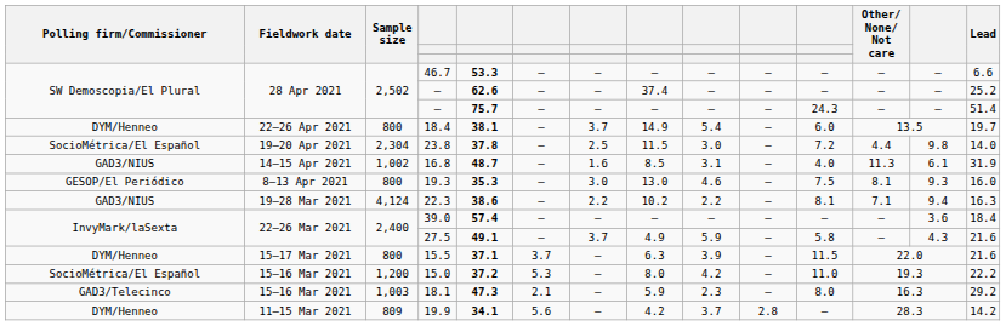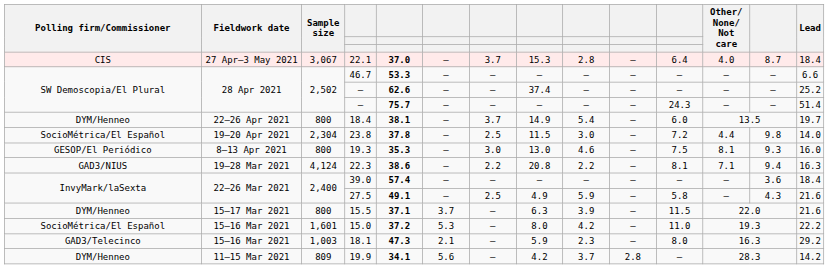 <table class="wikitable collapsible collapsed" style="text-align:center; font-size:90%; line-height:14px;">
 <tr style="height:42px;">
 <th style="width:250px;" rowspan="3">Polling firm/Commissioner</th>
 <th style="width:125px;" rowspan="3">Fieldwork date</th>
 <th style="width:50px;" rowspan="3">Sample size</th>
 <th style="width:35px;"></th>
 <th style="width:55px;"></th>
 <th style="width:55px;"></th>
 <th style="width:55px;"></th>
 <th style="width:55px;"></th>
 <th style="width:55px;"></th>
 <th style="width:55px;"></th>
 <th style="width:55px;"></th>
 <th style="width:55px;" rowspan="3">Other/<br>None/<br>Not<br>care</th>
 <th style="width:55px;" rowspan="3"></th>
 <th style="width:30px;" rowspan="3">Lead</th>
 </tr>
 <tr>
 <th style="color:inherit;background:"></th>
 <th style="color:inherit;background:"></th>
 <th style="color:inherit;background:"></th>
 <th style="color:inherit;background:"></th>
 <th style="color:inherit;background:"></th>
 <th style="color:inherit;background:"></th>
 <th style="color:inherit;background:"></th>
 <th style="color:inherit;background:"></th>
 </tr>
 <tr>
 <th></th>
 <th></th>
 <th></th>
 <th></th>
 <th></th>
 <th></th>
 <th></th>
 <th></th>
+</tr>
+<tr style="background:#FFEAEA;">
+<td>CIS</td>
+<td>27 Apr–3 May 2021</td>
+<td>3,067</td>
+<td>22.1</td>
+<td><strong>37.0</strong></td>
+<td>–</td>
+<td>3.7</td>
+<td>15.3</td>
+<td>2.8</td>
+<td>–</td>
+<td>6.4</td>
+<td>4.0</td>
+<td>8.7</td>
+<td style="background:">18.4</td>
 </tr>
 <tr>
 <td rowspan="3">SW Demoscopia/El Plural</td>
 <td rowspan="3">28 Apr 2021</td>
 <td rowspan="3">2,502</td>
 <td>46.7</td>
 <td><strong>53.3</strong></td>
 <td>–</td>
 <td>–</td>
 <td>–</td>
 <td>–</td>
 <td>–</td>
 <td>–</td>
 <td>–</td>
 <td>–</td>
 <td style="background:">6.6</td>
 </tr>
 <tr>
 <td>–</td>
 <td><strong>62.6</strong></td>
 <td>–</td>
 <td>–</td>
 <td>37.4</td>
 <td>–</td>
 <td>–</td>
 <td>–</td>
 <td>–</td>
 <td>–</td>
 <td style="background:">25.2</td>
 </tr>
 <tr>
 <td>–</td>
 <td><strong>75.7</strong></td>
 <td>–</td>
 <td>–</td>
 <td>–</td>
 <td>–</td>
 <td>–</td>
 <td>24.3</td>
 <td>–</td>
 <td>–</td>
 <td style="background:">51.4</td>
 </tr>
 <tr>
 <td>DYM/Henneo</td>
 <td>22–26 Apr 2021</td>
 <td>800</td>
 <td>18.4</td>
 <td><strong>38.1</strong></td>
 <td>–</td>
 <td>3.7</td>
 <td>14.9</td>
 <td>5.4</td>
 <td>–</td>
 <td>6.0</td>
 <td colspan="2">13.5</td>
 <td style="background:">19.7</td>
 </tr>
 <tr>
 <td>SocioMétrica/El Español</td>
 <td>19–20 Apr 2021</td>
 <td>2,304</td>
 <td>23.8</td>
 <td><strong>37.8</strong></td>
 <td>–</td>
 <td>2.5</td>
 <td>11.5</td>
 <td>3.0</td>
 <td>–</td>
 <td>7.2</td>
 <td>4.4</td>
 <td>9.8</td>
 <td style="background:">14.0</td>
 </tr>
 <tr>
-<td>GAD3/NIUS</td>
-<td>14–15 Apr 2021</td>
-<td>1,002</td>
-<td>16.8</td>
-<td><strong>48.7</strong></td>
-<td>–</td>
-<td>1.6</td>
-<td>8.5</td>
-<td>3.1</td>
-<td>–</td>
-<td>4.0</td>
-<td>11.3</td>
-<td>6.1</td>
-<td style="background:">31.9</td>
-</tr>
-<tr>
 <td>GESOP/El Periódico</td>
 <td>8–13 Apr 2021</td>
 <td>800</td>
 <td>19.3</td>
 <td><strong>35.3</strong></td>
 <td>–</td>
 <td>3.0</td>
 <td>13.0</td>
 <td>4.6</td>
 <td>–</td>
 <td>7.5</td>
 <td>8.1</td>
 <td>9.3</td>
 <td style="background:">16.0</td>
 </tr>
 <tr>
 <td>GAD3/NIUS</td>
 <td>19–28 Mar 2021</td>
 <td>4,124</td>
 <td>22.3</td>
 <td><strong>38.6</strong></td>
 <td>–</td>
 <td>2.2</td>
-<td>10.2</td>
+<td>20.8</td>
 <td>2.2</td>
 <td>–</td>
 <td>8.1</td>
 <td>7.1</td>
 <td>9.4</td>
 <td style="background:">16.3</td>
 </tr>
 <tr>
 <td rowspan="2">InvyMark/laSexta</td>
 <td rowspan="2">22–26 Mar 2021</td>
 <td rowspan="2">2,400</td>
 <td>39.0</td>
 <td><strong>57.4</strong></td>
 <td>–</td>
 <td>–</td>
 <td>–</td>
 <td>–</td>
 <td>–</td>
 <td>–</td>
 <td>–</td>
 <td>3.6</td>
 <td style="background:">18.4</td>
 </tr>
 <tr>
 <td>27.5</td>
 <td><strong>49.1</strong></td>
 <td>–</td>
-<td>3.7</td>
+<td>2.5</td>
 <td>4.9</td>
 <td>5.9</td>
 <td>–</td>
 <td>5.8</td>
 <td>–</td>
 <td>4.3</td>
 <td style="background:">21.6</td>
 </tr>
 <tr>
 <td>DYM/Henneo</td>
 <td>15–17 Mar 2021</td>
 <td>800</td>
 <td>15.5</td>
 <td><strong>37.1</strong></td>
 <td>3.7</td>
 <td>–</td>
 <td>6.3</td>
 <td>3.9</td>
 <td>–</td>
 <td>11.5</td>
 <td colspan="2">22.0</td>
 <td style="background:">21.6</td>
 </tr>
 <tr>
 <td>SocioMétrica/El Español</td>
 <td>15–16 Mar 2021</td>
-<td>1,200</td>
+<td>1,601</td>
 <td>15.0</td>
 <td><strong>37.2</strong></td>
 <td>5.3</td>
 <td>–</td>
 <td>8.0</td>
 <td>4.2</td>
 <td>–</td>
 <td>11.0</td>
 <td colspan="2">19.3</td>
 <td style="background:">22.2</td>
 </tr>
 <tr>
 <td>GAD3/Telecinco</td>
 <td>15–16 Mar 2021</td>
 <td>1,003</td>
 <td>18.1</td>
 <td><strong>47.3</strong></td>
 <td>2.1</td>
 <td>–</td>
 <td>5.9</td>
 <td>2.3</td>
 <td>–</td>
 <td>8.0</td>
 <td colspan="2">16.3</td>
 <td style="background:">29.2</td>
 </tr>
 <tr>
 <td>DYM/Henneo</td>
 <td>11–15 Mar 2021</td>
 <td>809</td>
 <td>19.9</td>
 <td><strong>34.1</strong></td>
 <td>5.6</td>
 <td>–</td>
 <td>4.2</td>
 <td>3.7</td>
 <td>2.8</td>
 <td>–</td>
 <td colspan="2">28.3</td>
 <td style="background:">14.2</td>
 </tr>
 </table>
